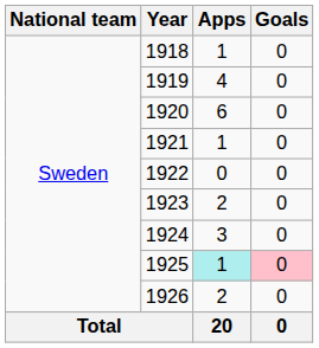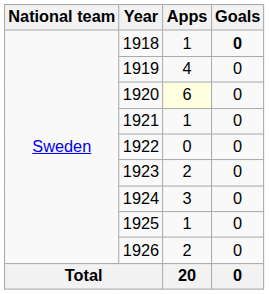 <table class="wikitable" style="text-align:center">
 <tr>
 <th>National team</th>
 <th>Year</th>
 <th>Apps</th>
 <th>Goals</th>
 </tr>
 <tr>
 <td rowspan="9"><a href='#'>Sweden</a></td>
 <td>1918</td>
 <td>1</td>
-<td>0</td>
+<td><strong>0</strong></td>
 </tr>
 <tr>
 <td>1919</td>
 <td>4</td>
 <td>0</td>
 </tr>
 <tr>
 <td>1920</td>
-<td>6</td>
+<td style="background: lightyellow;">6</td>
 <td>0</td>
 </tr>
 <tr>
 <td>1921</td>
 <td>1</td>
 <td>0</td>
 </tr>
 <tr>
 <td>1922</td>
 <td>0</td>
 <td>0</td>
 </tr>
 <tr>
 <td>1923</td>
 <td>2</td>
 <td>0</td>
 </tr>
 <tr>
 <td>1924</td>
 <td>3</td>
 <td>0</td>
 </tr>
 <tr>
 <td>1925</td>
-<td style="background: paleturquoise;">1</td>
-<td style="background: pink;">0</td>
+<td>1</td>
+<td>0</td>
 </tr>
 <tr>
 <td>1926</td>
 <td>2</td>
 <td>0</td>
 </tr>
 <tr>
 <th colspan="2">Total</th>
 <th>20</th>
 <th>0</th>
 </tr>
 </table>
